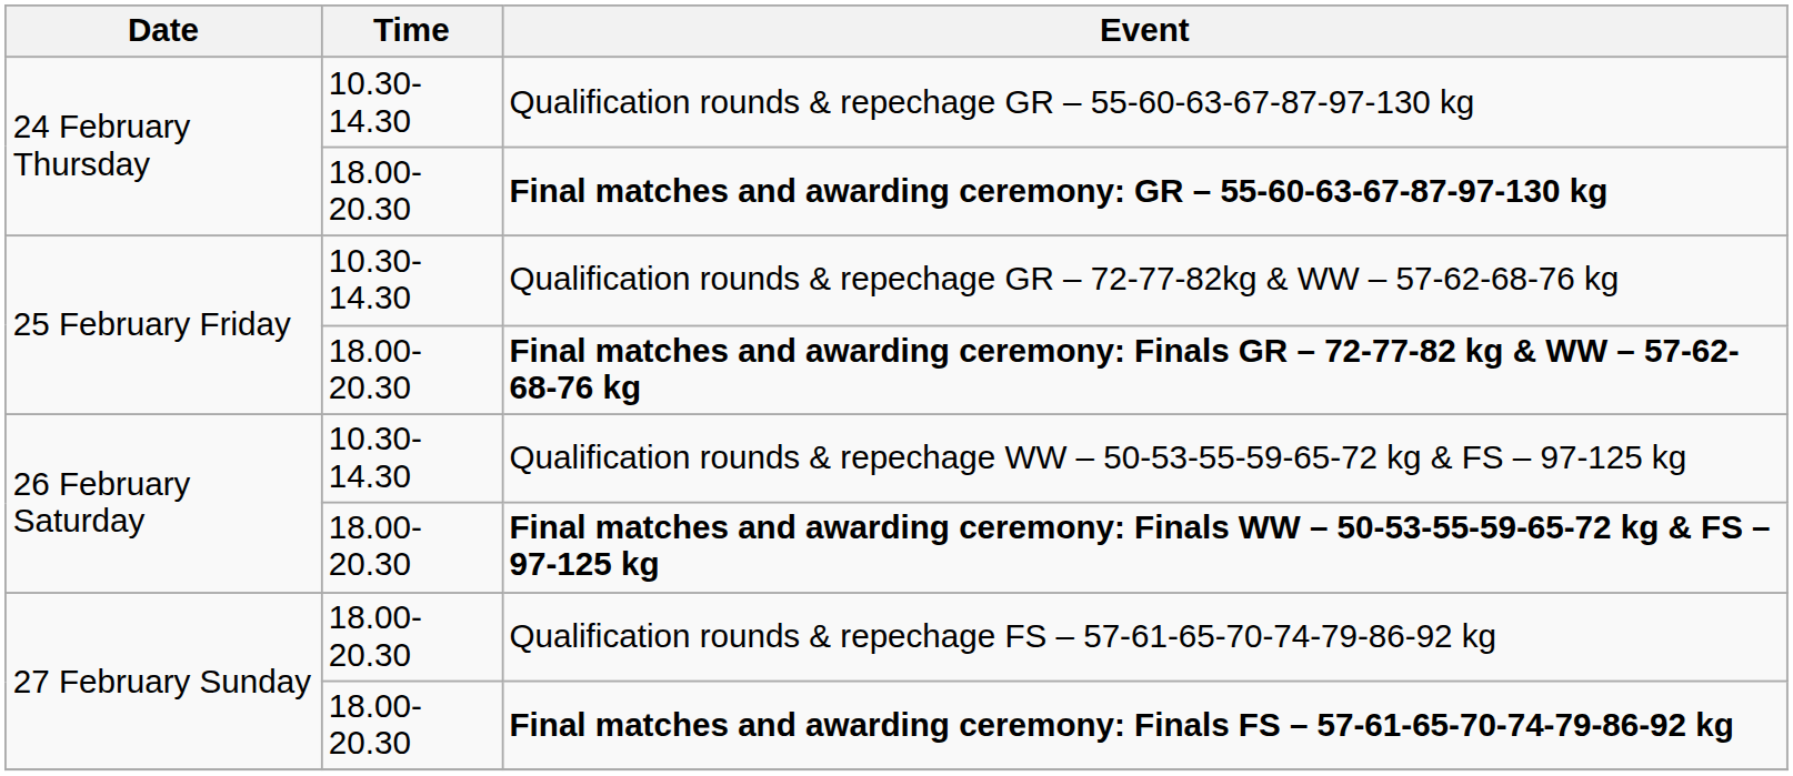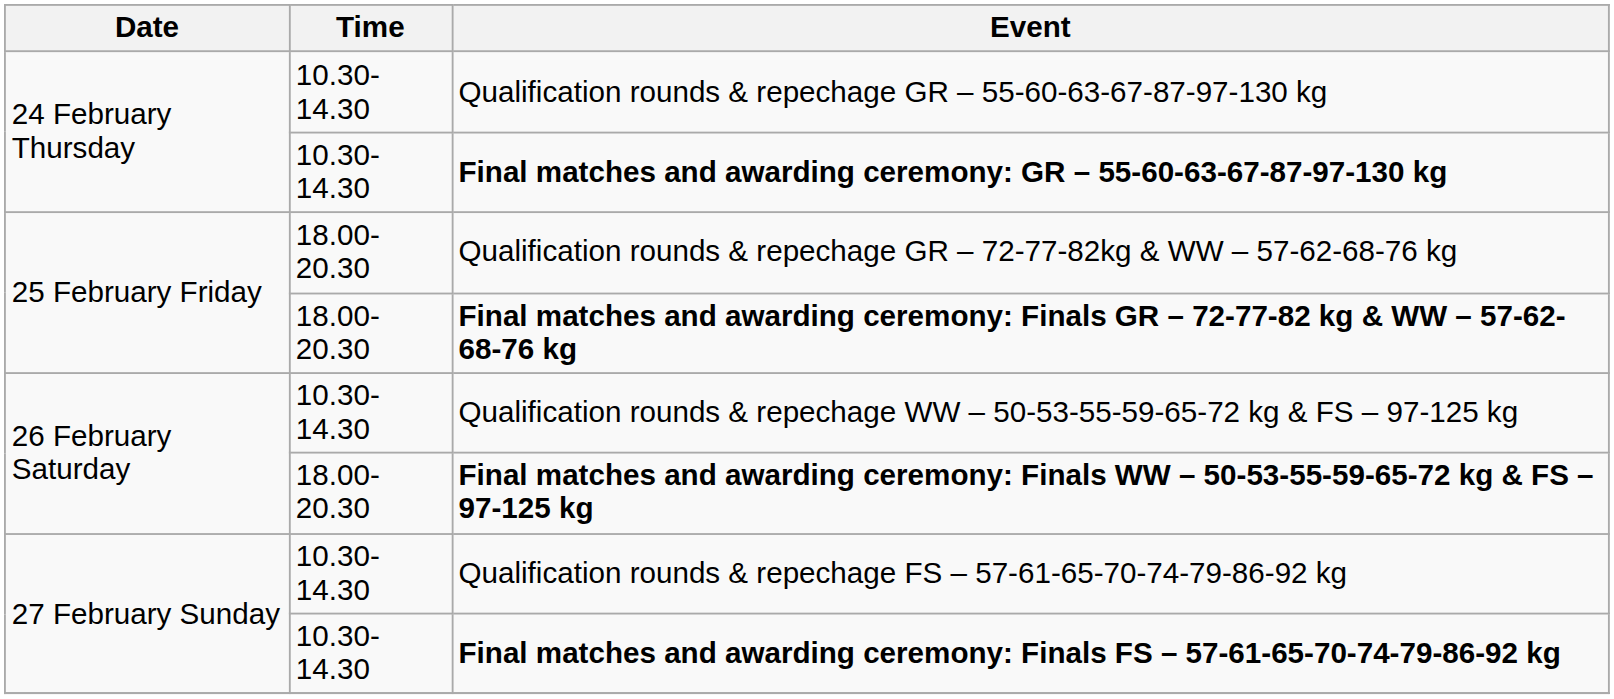 <table class=wikitable>
 <tr>
 <th>Date</th>
 <th>Time</th>
 <th>Event</th>
 </tr>
 <tr>
 <td rowspan="2">24 February Thursday</td>
 <td>10.30-14.30</td>
 <td>Qualification rounds & repechage GR – 55-60-63-67-87-97-130 kg</td>
 </tr>
 <tr>
-<td>18.00-20.30</td>
+<td>10.30-14.30</td>
 <td><strong>Final matches and awarding ceremony: GR – 55-60-63-67-87-97-130 kg</strong></td>
 </tr>
 <tr>
 <td rowspan="2">25 February Friday</td>
-<td>10.30-14.30</td>
+<td>18.00-20.30</td>
 <td>Qualification rounds & repechage GR – 72-77-82kg & WW – 57-62-68-76 kg</td>
 </tr>
 <tr>
 <td>18.00-20.30</td>
 <td><strong>Final matches and awarding ceremony: Finals GR – 72-77-82 kg & WW – 57-62-68-76 kg</strong></td>
 </tr>
 <tr>
 <td rowspan="2">26 February Saturday</td>
 <td>10.30-14.30</td>
 <td>Qualification rounds & repechage WW – 50-53-55-59-65-72 kg & FS – 97-125 kg</td>
 </tr>
 <tr>
 <td>18.00-20.30</td>
 <td><strong>Final matches and awarding ceremony: Finals WW – 50-53-55-59-65-72 kg & FS – 97-125 kg</strong></td>
 </tr>
 <tr>
 <td rowspan="2">27 February Sunday</td>
-<td>18.00-20.30</td>
+<td>10.30-14.30</td>
 <td>Qualification rounds & repechage FS – 57-61-65-70-74-79-86-92 kg</td>
 </tr>
 <tr>
-<td>18.00-20.30</td>
+<td>10.30-14.30</td>
 <td><strong>Final matches and awarding ceremony: Finals FS – 57-61-65-70-74-79-86-92 kg</strong></td>
 </tr>
 <tr>
 </tr>
 </table>
